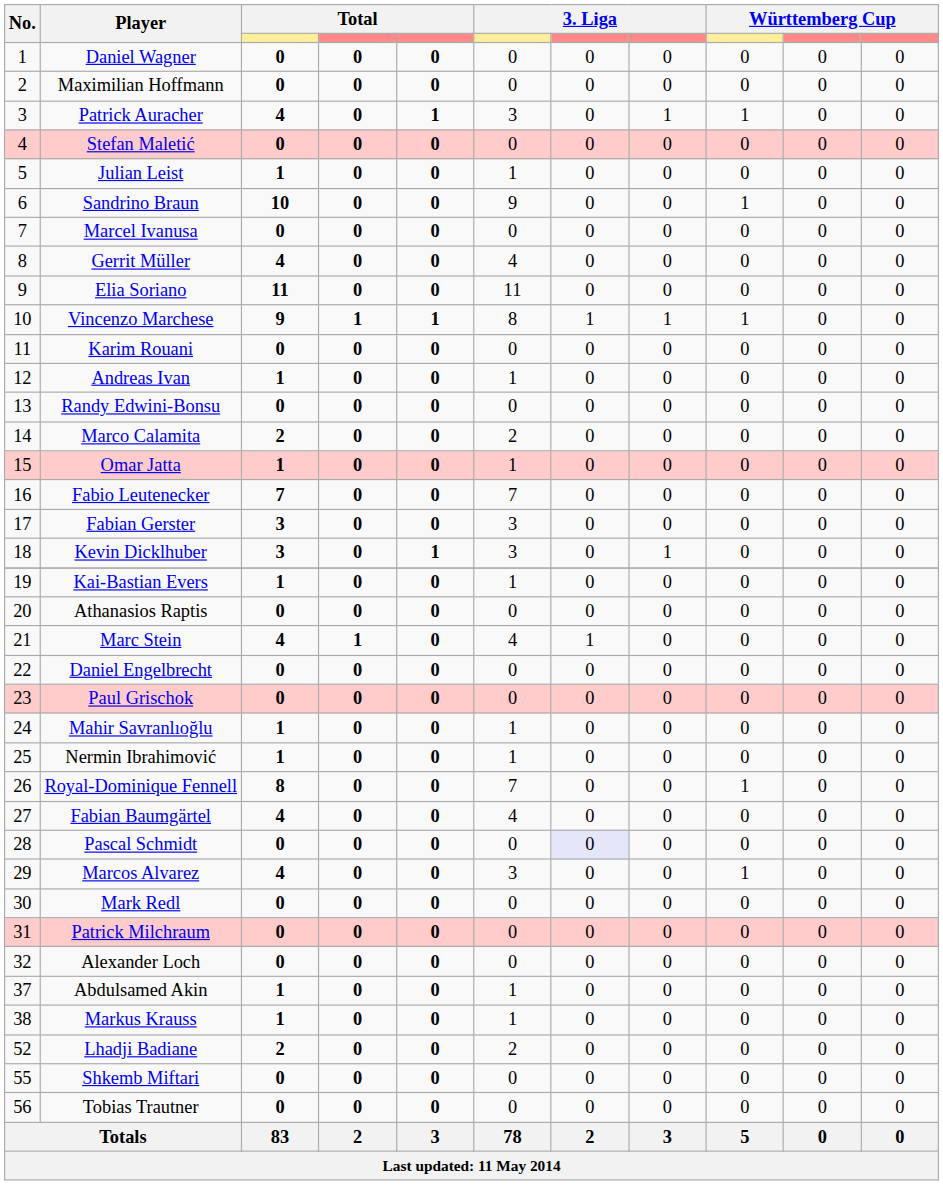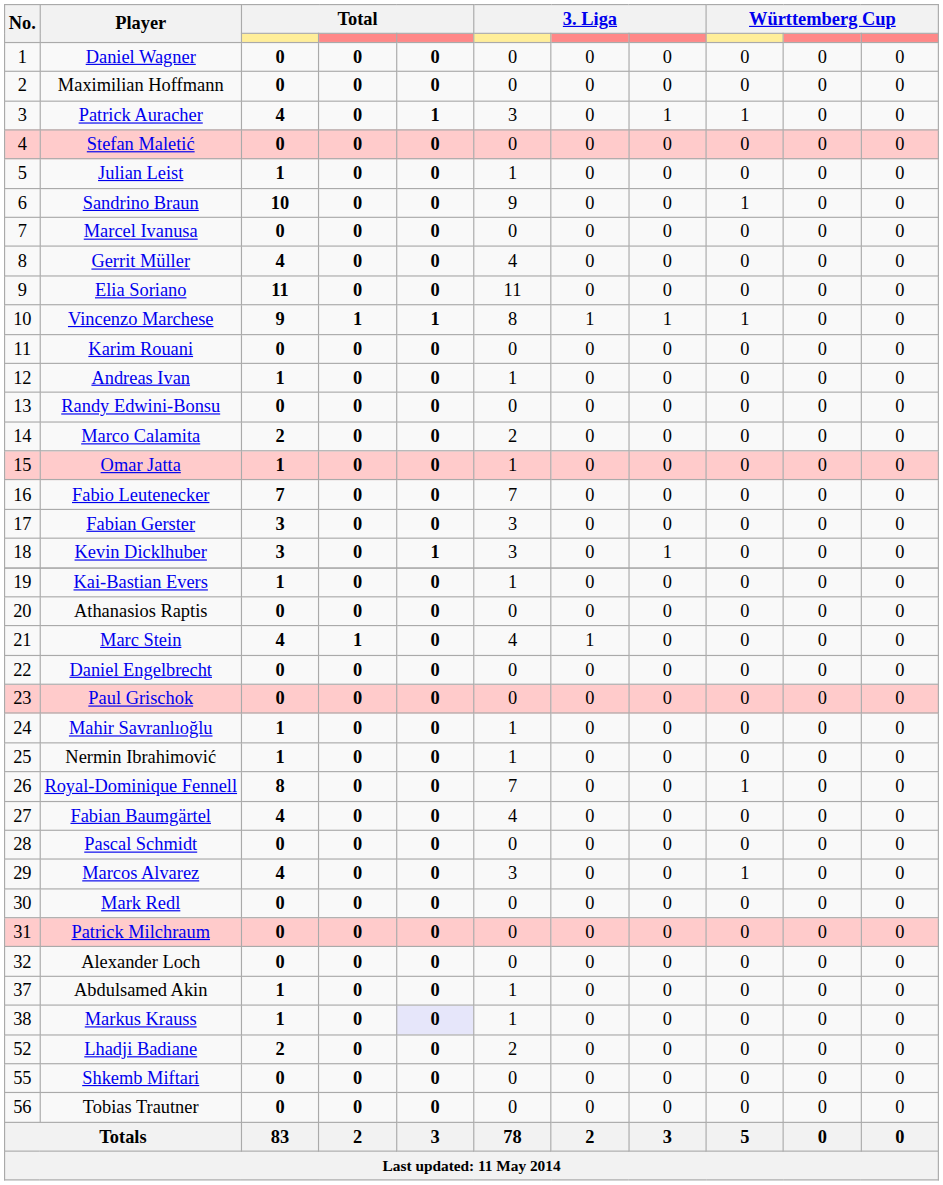 <table class="wikitable" style="text-align:center;">
 <tr style="text-align:center;">
 <th rowspan="2">No.</th>
 <th rowspan="2">Player</th>
 <th colspan="3">Total</th>
 <th colspan="3"><a href='#'>3. Liga</a></th>
 <th colspan="3"><a href='#'>Württemberg Cup</a></th>
 </tr>
 <tr>
 <th style="width:60px; background:#fe9;"></th>
 <th style="width:60px; background:#ff8888;"></th>
 <th style="width:60px; background:#ff8888;"></th>
 <th style="width:60px; background:#fe9;"></th>
 <th style="width:60px; background:#ff8888;"></th>
 <th style="width:60px; background:#ff8888;"></th>
 <th style="width:60px; background:#fe9;"></th>
 <th style="width:60px; background:#ff8888;"></th>
 <th style="width:60px; background:#ff8888;"></th>
 </tr>
 <tr>
 <td>1</td>
 <td><a href='#'>Daniel Wagner</a></td>
 <td><strong>0</strong> </td>
 <td><strong>0</strong> </td>
 <td><strong>0</strong> </td>
 <td>0 </td>
 <td>0 </td>
 <td>0 </td>
 <td>0 </td>
 <td>0 </td>
 <td>0 </td>
 </tr>
 <tr>
 <td>2</td>
 <td>Maximilian Hoffmann</td>
 <td><strong>0</strong> </td>
 <td><strong>0</strong> </td>
 <td><strong>0</strong> </td>
 <td>0 </td>
 <td>0 </td>
 <td>0 </td>
 <td>0 </td>
 <td>0 </td>
 <td>0 </td>
 </tr>
 <tr>
 <td>3</td>
 <td><a href='#'>Patrick Auracher</a></td>
 <td><strong>4</strong> </td>
 <td><strong>0</strong> </td>
 <td><strong>1</strong> </td>
 <td>3 </td>
 <td>0 </td>
 <td>1 </td>
 <td>1 </td>
 <td>0 </td>
 <td>0 </td>
 </tr>
 <tr style="background:#FFCBCB">
 <td>4</td>
 <td><a href='#'>Stefan Maletić</a></td>
 <td><strong>0</strong> </td>
 <td><strong>0</strong> </td>
 <td><strong>0</strong> </td>
 <td>0 </td>
 <td>0 </td>
 <td>0 </td>
 <td>0 </td>
 <td>0 </td>
 <td>0 </td>
 </tr>
 <tr>
 <td>5</td>
 <td><a href='#'>Julian Leist</a></td>
 <td><strong>1</strong> </td>
 <td><strong>0</strong> </td>
 <td><strong>0</strong> </td>
 <td>1 </td>
 <td>0 </td>
 <td>0 </td>
 <td>0 </td>
 <td>0 </td>
 <td>0 </td>
 </tr>
 <tr>
 <td>6</td>
 <td><a href='#'>Sandrino Braun</a></td>
 <td><strong>10</strong> </td>
 <td><strong>0</strong> </td>
 <td><strong>0</strong> </td>
 <td>9 </td>
 <td>0 </td>
 <td>0 </td>
 <td>1 </td>
 <td>0 </td>
 <td>0 </td>
 </tr>
 <tr>
 <td>7</td>
 <td><a href='#'>Marcel Ivanusa</a></td>
 <td><strong>0</strong> </td>
 <td><strong>0</strong> </td>
 <td><strong>0</strong> </td>
 <td>0 </td>
 <td>0 </td>
 <td>0 </td>
 <td>0 </td>
 <td>0 </td>
 <td>0 </td>
 </tr>
 <tr>
 <td>8</td>
 <td><a href='#'>Gerrit Müller</a></td>
 <td><strong>4</strong> </td>
 <td><strong>0</strong> </td>
 <td><strong>0</strong> </td>
 <td>4 </td>
 <td>0 </td>
 <td>0 </td>
 <td>0 </td>
 <td>0 </td>
 <td>0 </td>
 </tr>
 <tr>
 <td>9</td>
 <td><a href='#'>Elia Soriano</a></td>
 <td><strong>11</strong> </td>
 <td><strong>0</strong> </td>
 <td><strong>0</strong> </td>
 <td>11 </td>
 <td>0 </td>
 <td>0 </td>
 <td>0 </td>
 <td>0 </td>
 <td>0 </td>
 </tr>
 <tr>
 <td>10</td>
 <td><a href='#'>Vincenzo Marchese</a></td>
 <td><strong>9</strong> </td>
 <td><strong>1</strong> </td>
 <td><strong>1</strong> </td>
 <td>8 </td>
 <td>1 </td>
 <td>1 </td>
 <td>1 </td>
 <td>0 </td>
 <td>0 </td>
 </tr>
 <tr>
 <td>11</td>
 <td><a href='#'>Karim Rouani</a></td>
 <td><strong>0</strong> </td>
 <td><strong>0</strong> </td>
 <td><strong>0</strong> </td>
 <td>0 </td>
 <td>0 </td>
 <td>0 </td>
 <td>0 </td>
 <td>0 </td>
 <td>0 </td>
 </tr>
 <tr>
 <td>12</td>
 <td><a href='#'>Andreas Ivan</a></td>
 <td><strong>1</strong> </td>
 <td><strong>0</strong> </td>
 <td><strong>0</strong> </td>
 <td>1 </td>
 <td>0 </td>
 <td>0 </td>
 <td>0 </td>
 <td>0 </td>
 <td>0 </td>
 </tr>
 <tr>
 <td>13</td>
 <td><a href='#'>Randy Edwini-Bonsu</a></td>
 <td><strong>0</strong> </td>
 <td><strong>0</strong> </td>
 <td><strong>0</strong> </td>
 <td>0 </td>
 <td>0 </td>
 <td>0 </td>
 <td>0 </td>
 <td>0 </td>
 <td>0 </td>
 </tr>
 <tr>
 <td>14</td>
 <td><a href='#'>Marco Calamita</a></td>
 <td><strong>2</strong> </td>
 <td><strong>0</strong> </td>
 <td><strong>0</strong> </td>
 <td>2 </td>
 <td>0 </td>
 <td>0 </td>
 <td>0 </td>
 <td>0 </td>
 <td>0 </td>
 </tr>
 <tr style="background:#FFCBCB">
 <td>15</td>
 <td><a href='#'>Omar Jatta</a></td>
 <td><strong>1</strong> </td>
 <td><strong>0</strong> </td>
 <td><strong>0</strong> </td>
 <td>1 </td>
 <td>0 </td>
 <td>0 </td>
 <td>0 </td>
 <td>0 </td>
 <td>0 </td>
 </tr>
 <tr>
 <td>16</td>
 <td><a href='#'>Fabio Leutenecker</a></td>
 <td><strong>7</strong> </td>
 <td><strong>0</strong> </td>
 <td><strong>0</strong> </td>
 <td>7 </td>
 <td>0 </td>
 <td>0 </td>
 <td>0 </td>
 <td>0 </td>
 <td>0 </td>
 </tr>
 <tr>
 <td>17</td>
 <td><a href='#'>Fabian Gerster</a></td>
 <td><strong>3</strong> </td>
 <td><strong>0</strong> </td>
 <td><strong>0</strong> </td>
 <td>3 </td>
 <td>0 </td>
 <td>0 </td>
 <td>0 </td>
 <td>0 </td>
 <td>0 </td>
 </tr>
 <tr>
 <td>18</td>
 <td><a href='#'>Kevin Dicklhuber</a></td>
 <td><strong>3</strong> </td>
 <td><strong>0</strong> </td>
 <td><strong>1</strong> </td>
 <td>3 </td>
 <td>0 </td>
 <td>1 </td>
 <td>0 </td>
 <td>0 </td>
 <td>0 </td>
 </tr>
 <tr style="background:#FFCBCB">
 </tr>
 <tr>
 <td>19</td>
 <td><a href='#'>Kai-Bastian Evers</a></td>
 <td><strong>1</strong> </td>
 <td><strong>0</strong> </td>
 <td><strong>0</strong> </td>
 <td>1 </td>
 <td>0 </td>
 <td>0 </td>
 <td>0 </td>
 <td>0 </td>
 <td>0 </td>
 </tr>
 <tr>
 <td>20</td>
 <td>Athanasios Raptis</td>
 <td><strong>0</strong> </td>
 <td><strong>0</strong> </td>
 <td><strong>0</strong> </td>
 <td>0 </td>
 <td>0 </td>
 <td>0 </td>
 <td>0 </td>
 <td>0 </td>
 <td>0 </td>
 </tr>
 <tr>
 <td>21</td>
 <td><a href='#'>Marc Stein</a></td>
 <td><strong>4</strong> </td>
 <td><strong>1</strong> </td>
 <td><strong>0</strong> </td>
 <td>4 </td>
 <td>1 </td>
 <td>0 </td>
 <td>0 </td>
 <td>0 </td>
 <td>0 </td>
 </tr>
 <tr>
 <td>22</td>
 <td><a href='#'>Daniel Engelbrecht</a></td>
 <td><strong>0</strong> </td>
 <td><strong>0</strong> </td>
 <td><strong>0</strong> </td>
 <td>0 </td>
 <td>0 </td>
 <td>0 </td>
 <td>0 </td>
 <td>0 </td>
 <td>0 </td>
 </tr>
 <tr style="background:#FFCBCB">
 <td>23</td>
 <td><a href='#'>Paul Grischok</a></td>
 <td><strong>0</strong> </td>
 <td><strong>0</strong> </td>
 <td><strong>0</strong> </td>
 <td>0 </td>
 <td>0 </td>
 <td>0 </td>
 <td>0 </td>
 <td>0 </td>
 <td>0 </td>
 </tr>
 <tr>
 <td>24</td>
 <td><a href='#'>Mahir Savranlıoğlu</a></td>
 <td><strong>1</strong> </td>
 <td><strong>0</strong> </td>
 <td><strong>0</strong> </td>
 <td>1 </td>
 <td>0 </td>
 <td>0 </td>
 <td>0 </td>
 <td>0 </td>
 <td>0 </td>
 </tr>
 <tr>
 <td>25</td>
 <td>Nermin Ibrahimović</td>
 <td><strong>1</strong> </td>
 <td><strong>0</strong> </td>
 <td><strong>0</strong> </td>
 <td>1 </td>
 <td>0 </td>
 <td>0 </td>
 <td>0 </td>
 <td>0 </td>
 <td>0 </td>
 </tr>
 <tr>
 <td>26</td>
 <td><a href='#'>Royal-Dominique Fennell</a></td>
 <td><strong>8</strong> </td>
 <td><strong>0</strong> </td>
 <td><strong>0</strong> </td>
 <td>7 </td>
 <td>0 </td>
 <td>0 </td>
 <td>1 </td>
 <td>0 </td>
 <td>0 </td>
 </tr>
 <tr>
 <td>27</td>
 <td><a href='#'>Fabian Baumgärtel</a></td>
 <td><strong>4</strong> </td>
 <td><strong>0</strong> </td>
 <td><strong>0</strong> </td>
 <td>4 </td>
 <td>0 </td>
 <td>0 </td>
 <td>0 </td>
 <td>0 </td>
 <td>0 </td>
 </tr>
 <tr>
 <td>28</td>
 <td><a href='#'>Pascal Schmidt</a></td>
 <td><strong>0</strong> </td>
 <td><strong>0</strong> </td>
 <td><strong>0</strong> </td>
 <td>0 </td>
-<td style="background: lavender;">0 </td>
+<td>0 </td>
 <td>0 </td>
 <td>0 </td>
 <td>0 </td>
 <td>0 </td>
 </tr>
 <tr>
 <td>29</td>
 <td><a href='#'>Marcos Alvarez</a></td>
 <td><strong>4</strong> </td>
 <td><strong>0</strong> </td>
 <td><strong>0</strong> </td>
 <td>3 </td>
 <td>0 </td>
 <td>0 </td>
 <td>1 </td>
 <td>0 </td>
 <td>0 </td>
 </tr>
 <tr>
 <td>30</td>
 <td><a href='#'>Mark Redl</a></td>
 <td><strong>0</strong> </td>
 <td><strong>0</strong> </td>
 <td><strong>0</strong> </td>
 <td>0 </td>
 <td>0 </td>
 <td>0 </td>
 <td>0 </td>
 <td>0 </td>
 <td>0 </td>
 </tr>
 <tr style="background:#FFCBCB">
 <td>31</td>
 <td><a href='#'>Patrick Milchraum</a></td>
 <td><strong>0</strong> </td>
 <td><strong>0</strong> </td>
 <td><strong>0</strong> </td>
 <td>0 </td>
 <td>0 </td>
 <td>0 </td>
 <td>0 </td>
 <td>0 </td>
 <td>0 </td>
 </tr>
 <tr>
 <td>32</td>
 <td>Alexander Loch</td>
 <td><strong>0</strong> </td>
 <td><strong>0</strong> </td>
 <td><strong>0</strong> </td>
 <td>0 </td>
 <td>0 </td>
 <td>0 </td>
 <td>0 </td>
 <td>0 </td>
 <td>0 </td>
 </tr>
 <tr>
 <td>37</td>
 <td>Abdulsamed Akin</td>
 <td><strong>1</strong> </td>
 <td><strong>0</strong> </td>
 <td><strong>0</strong> </td>
 <td>1 </td>
 <td>0 </td>
 <td>0 </td>
 <td>0 </td>
 <td>0 </td>
 <td>0 </td>
 </tr>
 <tr>
 <td>38</td>
 <td><a href='#'>Markus Krauss</a></td>
 <td><strong>1</strong> </td>
 <td><strong>0</strong> </td>
-<td><strong>0</strong> </td>
+<td style="background: lavender;"><strong>0</strong> </td>
 <td>1 </td>
 <td>0 </td>
 <td>0 </td>
 <td>0 </td>
 <td>0 </td>
 <td>0 </td>
 </tr>
 <tr>
 <td>52</td>
 <td><a href='#'>Lhadji Badiane</a></td>
 <td><strong>2</strong> </td>
 <td><strong>0</strong> </td>
 <td><strong>0</strong> </td>
 <td>2 </td>
 <td>0 </td>
 <td>0 </td>
 <td>0 </td>
 <td>0 </td>
 <td>0 </td>
 </tr>
 <tr>
 <td>55</td>
 <td><a href='#'>Shkemb Miftari</a></td>
 <td><strong>0</strong> </td>
 <td><strong>0</strong> </td>
 <td><strong>0</strong> </td>
 <td>0 </td>
 <td>0 </td>
 <td>0 </td>
 <td>0 </td>
 <td>0 </td>
 <td>0 </td>
 </tr>
 <tr>
 <td>56</td>
 <td>Tobias Trautner</td>
 <td><strong>0</strong> </td>
 <td><strong>0</strong> </td>
 <td><strong>0</strong> </td>
 <td>0 </td>
 <td>0 </td>
 <td>0 </td>
 <td>0 </td>
 <td>0 </td>
 <td>0 </td>
 </tr>
 <tr>
 <th colspan="2">Totals</th>
 <th>83 </th>
 <th>2 </th>
 <th>3 </th>
 <th>78 </th>
 <th>2 </th>
 <th>3 </th>
 <th>5 </th>
 <th>0 </th>
 <th>0 </th>
 </tr>
 <tr>
 <th colspan="14"><small>Last updated: 11 May 2014</small></th>
 </tr>
 </table>
